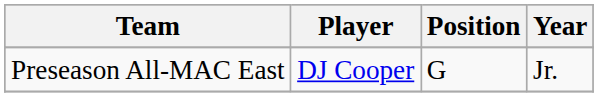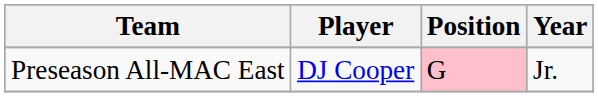 <table class="wikitable" border="1">
 <tr align=center>
 <th style= >Team</th>
 <th style= >Player</th>
 <th style= >Position</th>
 <th style= >Year</th>
 </tr>
 <tr align="center">
 </tr>
 <tr>
 <td>Preseason All-MAC East</td>
 <td><a href='#'>DJ Cooper</a></td>
-<td>G</td>
+<td style="background: pink;">G</td>
 <td>Jr.</td>
 </tr>
 <tr>
 </tr>
 <tr>
 </tr>
 </table>
